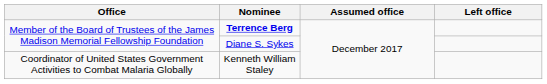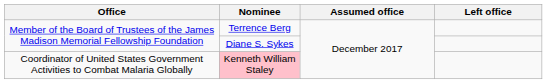 <table class="wikitable sortable" style="text-align:center">
 <tr>
 <th style="width:40%;">Office</th>
 <th style="width:15%;">Nominee</th>
 <th style="width:25%;" data-sort- type="date">Assumed office</th>
 <th style="width:20%;" data-sort- type="date">Left office</th>
 </tr>
 <tr>
 <td rowspan="2"><a href='#'>Member of the Board of Trustees of the James Madison Memorial Fellowship Foundation</a></td>
-<td><strong><a href='#'>Terrence Berg</a></strong></td>
+<td><a href='#'>Terrence Berg</a></td>
 <td rowspan="7">December 2017</td>
 <td></td>
 </tr>
 <tr>
 <td><a href='#'>Diane S. Sykes</a></td>
 <td></td>
 </tr>
 <tr>
 <td>Coordinator of United States Government Activities to Combat Malaria Globally</td>
-<td>Kenneth William Staley</td>
+<td style="background: pink;">Kenneth William Staley</td>
 <td></td>
 </tr>
 </table>
